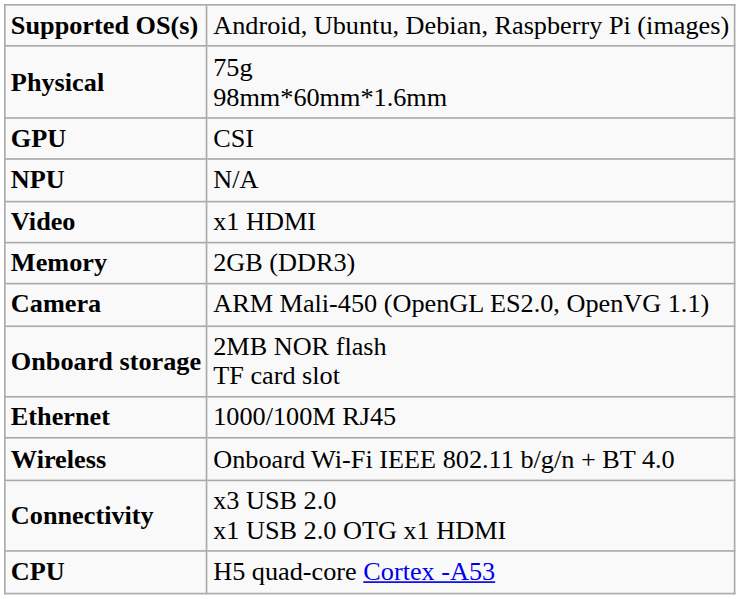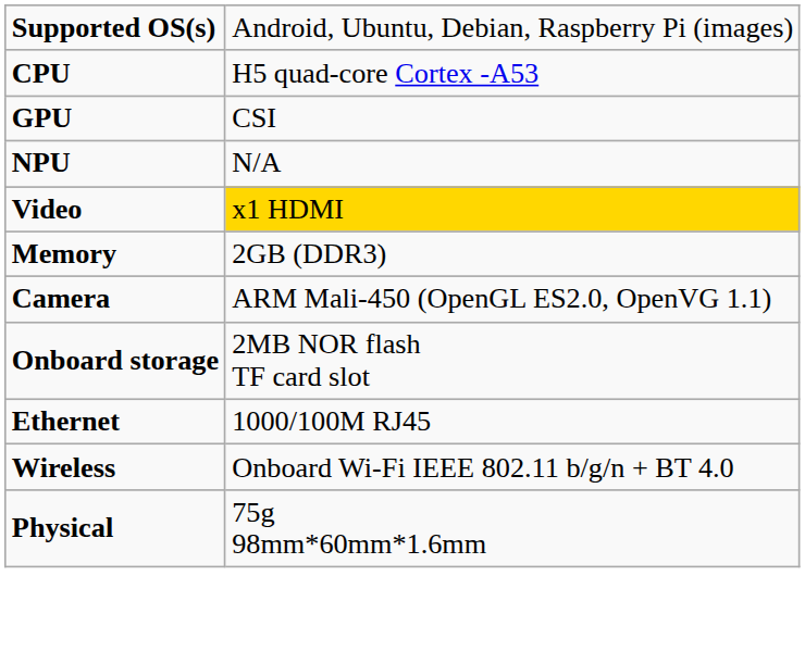 <table class="wikitable">
 <tr>
 <td><strong>Supported OS(s)</strong></td>
 <td>Android, Ubuntu, Debian, Raspberry Pi (images)</td>
 </tr>
 <tr>
-<td><strong>Physical</strong></td>
-<td>75g<br>98mm*60mm*1.6mm</td>
+<td><strong>CPU</strong></td>
+<td>H5 quad-core <a href='#'>Cortex -A53</a></td>
 </tr>
 <tr>
 <td><strong>GPU</strong></td>
 <td>CSI</td>
 </tr>
 <tr>
 <td><strong>NPU</strong></td>
 <td>N/A</td>
 </tr>
 <tr>
 <td><strong>Video</strong></td>
-<td>x1 HDMI</td>
+<td style="background: gold;">x1 HDMI</td>
 </tr>
 <tr>
 <td><strong>Memory</strong></td>
 <td>2GB (DDR3)</td>
 </tr>
 <tr>
 <td><strong>Camera</strong></td>
 <td>ARM Mali-450 (OpenGL ES2.0, OpenVG 1.1)</td>
 </tr>
 <tr>
 <td><strong>Onboard storage</strong></td>
 <td>2MB NOR flash<br>TF card slot</td>
 </tr>
 <tr>
 <td><strong>Ethernet</strong></td>
 <td>1000/100M RJ45</td>
 </tr>
 <tr>
 <td><strong>Wireless</strong></td>
 <td>Onboard Wi-Fi IEEE 802.11 b/g/n + BT 4.0</td>
 </tr>
 <tr>
-<td><strong>Connectivity</strong></td>
-<td>x3 USB 2.0<br>x1 USB 2.0 OTG x1 HDMI</td>
-</tr>
-<tr>
-<td><strong>CPU</strong></td>
-<td>H5 quad-core <a href='#'>Cortex -A53</a></td>
+<td><strong>Physical</strong></td>
+<td>75g<br>98mm*60mm*1.6mm</td>
 </tr>
 </table>
